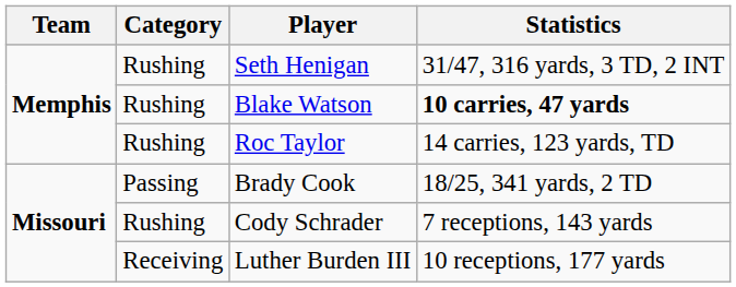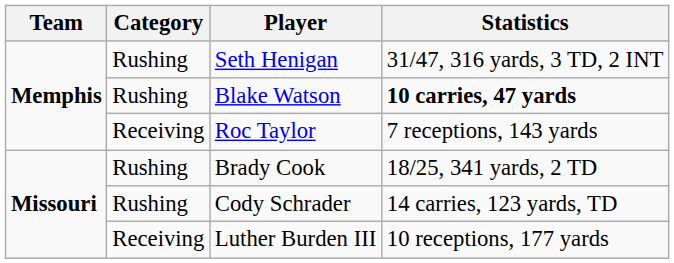 <table class="wikitable" style="float: right;">
 <tr>
 <th>Team</th>
 <th>Category</th>
 <th>Player</th>
 <th>Statistics</th>
 </tr>
 <tr>
 <td rowspan=3><strong>Memphis</strong></td>
 <td>Rushing</td>
 <td><a href='#'>Seth Henigan</a></td>
 <td>31/47, 316 yards, 3 TD, 2 INT</td>
 </tr>
 <tr>
 <td>Rushing</td>
 <td><a href='#'>Blake Watson</a></td>
 <td><strong>10 carries, 47 yards</strong></td>
 </tr>
 <tr>
-<td>Rushing</td>
+<td>Receiving</td>
 <td><a href='#'>Roc Taylor</a></td>
-<td>14 carries, 123 yards, TD</td>
+<td>7 receptions, 143 yards</td>
 </tr>
 <tr>
 <td rowspan=3><strong>Missouri</strong></td>
-<td>Passing</td>
+<td>Rushing</td>
 <td>Brady Cook</td>
 <td>18/25, 341 yards, 2 TD</td>
 </tr>
 <tr>
 <td>Rushing</td>
 <td>Cody Schrader</td>
-<td>7 receptions, 143 yards</td>
+<td>14 carries, 123 yards, TD</td>
 </tr>
 <tr>
 <td>Receiving</td>
 <td>Luther Burden III</td>
 <td>10 receptions, 177 yards</td>
 </tr>
 </table>
